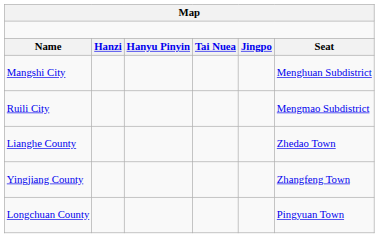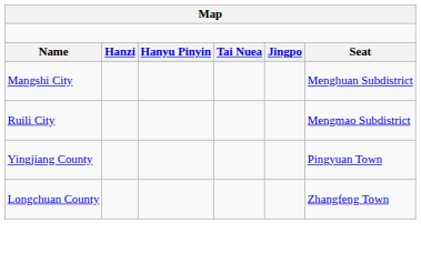 <table class="wikitable"  style="font-size:100%;" align=center>
 <tr>
 <th colspan=6>Map</th>
 </tr>
 <tr>
 <td colspan=6><div><br>        </div></td>
 </tr>
 <tr>
 <th>Name</th>
 <th><a href='#'>Hanzi</a></th>
 <th><a href='#'>Hanyu Pinyin</a></th>
 <th><a href='#'>Tai Nuea</a></th>
 <th><a href='#'>Jingpo</a></th>
 <th>Seat</th>
 </tr>
 <tr --------- style="height:53px;">
 <td><a href='#'>Mangshi City</a></td>
 <td></td>
 <td></td>
 <td></td>
 <td></td>
 <td><a href='#'>Menghuan Subdistrict</a></td>
 </tr>
 <tr --------- style="height:53px;">
 <td><a href='#'>Ruili City</a></td>
 <td></td>
 <td></td>
 <td></td>
 <td></td>
 <td><a href='#'>Mengmao Subdistrict</a></td>
 </tr>
 <tr --------- style="height:53px;">
-<td><a href='#'>Lianghe County</a></td>
-<td></td>
-<td></td>
-<td></td>
-<td></td>
-<td><a href='#'>Zhedao Town</a></td>
-</tr>
-<tr --------- style="height:53px;">
 <td><a href='#'>Yingjiang County</a></td>
 <td></td>
 <td></td>
 <td></td>
 <td></td>
-<td><a href='#'>Zhangfeng Town</a></td>
+<td><a href='#'>Pingyuan Town</a></td>
 </tr>
 <tr --------- style="height:53px;">
 <td><a href='#'>Longchuan County</a></td>
 <td></td>
 <td></td>
 <td></td>
 <td></td>
-<td><a href='#'>Pingyuan Town</a></td>
+<td><a href='#'>Zhangfeng Town</a></td>
 </tr>
 </table>
